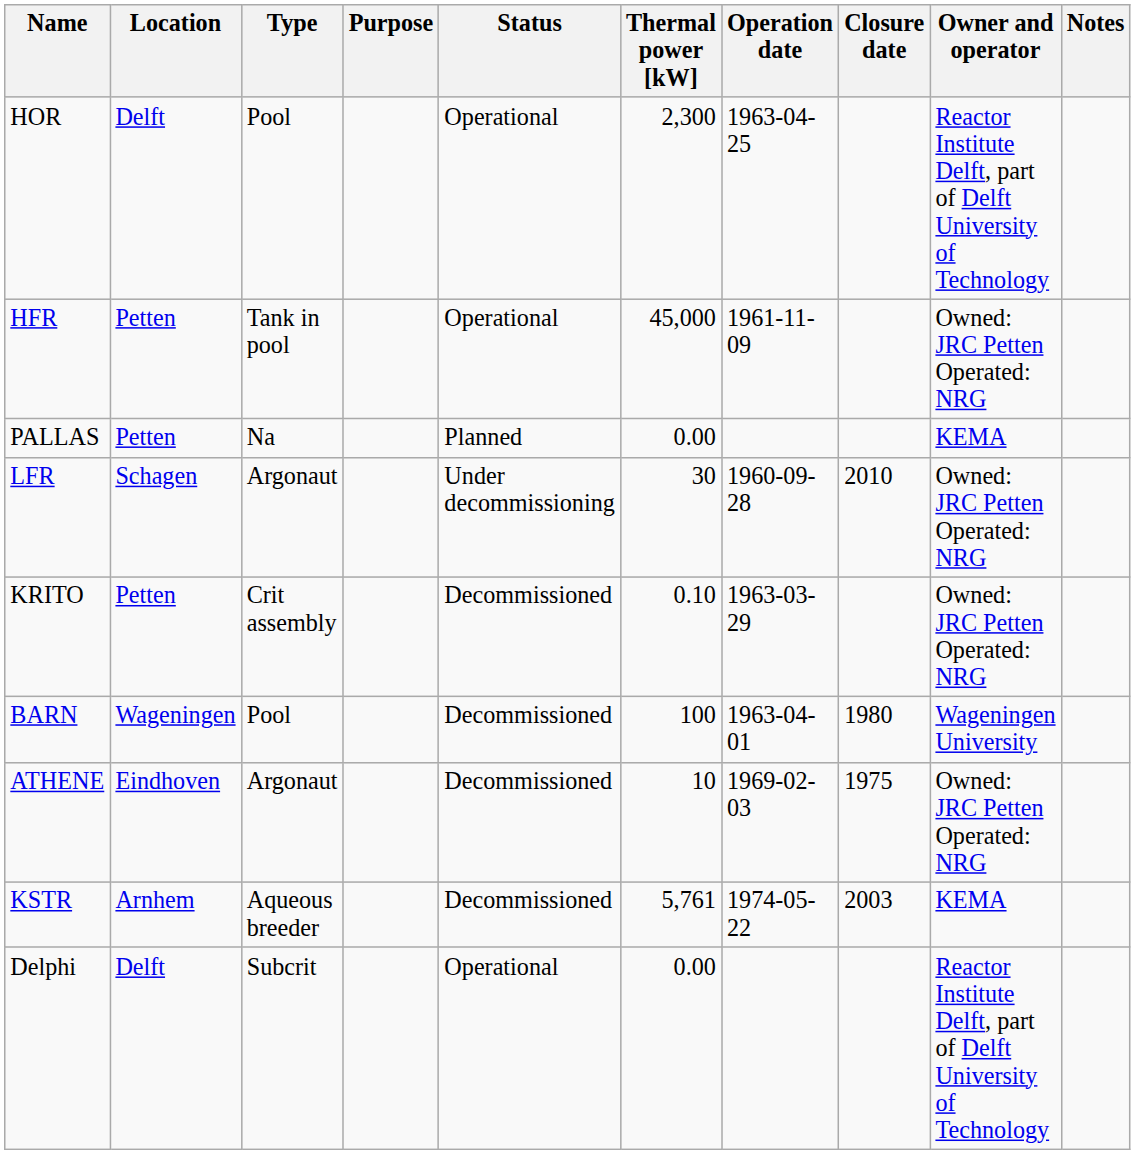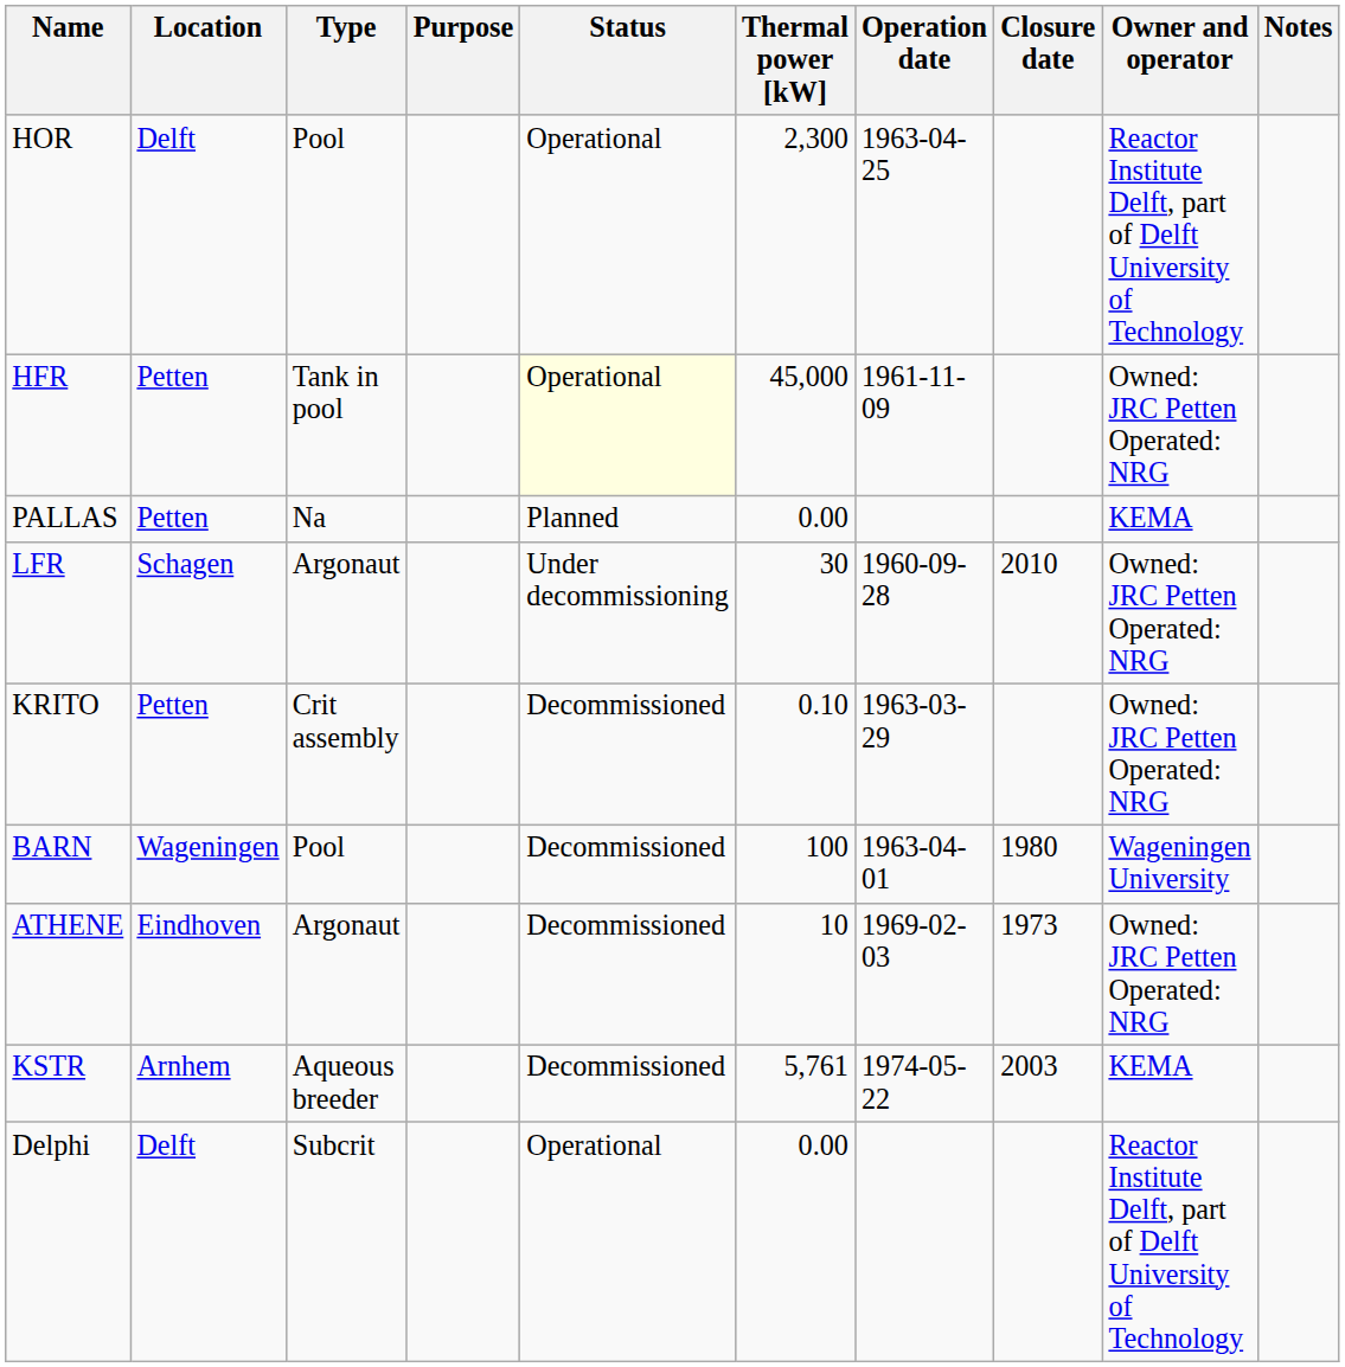 <table class="wikitable" >
 <tr valign="top">
 <th width="80">Name</th>
 <th width="65">Location</th>
 <th width="76">Type</th>
 <th width="65">Purpose</th>
 <th width="91">Status</th>
 <th width="70“">Thermal power [kW]</th>
 <th width=„67“>Operation date</th>
 <th width="78“">Closure date</th>
 <th width="113“">Owner and operator</th>
 <th width="65">Notes</th>
 </tr>
 <tr valign="top">
 <td>HOR</td>
 <td><a href='#'>Delft</a></td>
 <td>Pool</td>
 <td></td>
 <td>Operational</td>
 <td align="right">2,300</td>
 <td>1963-04-25</td>
 <td></td>
 <td><a href='#'>Reactor Institute Delft</a>, part of <a href='#'>Delft University of Technology</a></td>
 <td></td>
 </tr>
 <tr valign="top">
 <td><a href='#'>HFR</a></td>
 <td><a href='#'>Petten</a></td>
 <td>Tank in pool</td>
 <td></td>
-<td>Operational</td>
+<td style="background: lightyellow;">Operational</td>
 <td align="right">45,000</td>
 <td>1961-11-09</td>
 <td></td>
 <td>Owned: <a href='#'>JRC Petten</a> <br> Operated: <a href='#'>NRG</a></td>
 <td></td>
 </tr>
 <tr valign="top">
 <td>PALLAS</td>
 <td><a href='#'>Petten</a></td>
 <td>Na</td>
 <td></td>
 <td>Planned</td>
 <td align="right">0.00</td>
 <td> </td>
 <td></td>
 <td><a href='#'>KEMA</a></td>
 <td></td>
 </tr>
 <tr valign="top">
 <td><a href='#'>LFR</a></td>
 <td><a href='#'>Schagen</a></td>
 <td>Argonaut</td>
 <td></td>
 <td>Under decommissioning</td>
 <td align="right">30</td>
 <td>1960-09-28</td>
 <td>2010</td>
 <td>Owned: <a href='#'>JRC Petten</a> <br>  Operated: <a href='#'>NRG</a></td>
 <td></td>
 </tr>
 <tr valign="top">
 <td>KRITO</td>
 <td><a href='#'>Petten</a></td>
 <td>Crit assembly</td>
 <td></td>
 <td>Decommissioned</td>
 <td align="right">0.10</td>
 <td>1963-03-29</td>
 <td></td>
 <td>Owned: <a href='#'>JRC Petten</a> <br>  Operated: <a href='#'>NRG</a></td>
 <td></td>
 </tr>
 <tr valign="top">
 <td><a href='#'>BARN</a></td>
 <td><a href='#'>Wageningen</a></td>
 <td>Pool</td>
 <td></td>
 <td>Decommissioned</td>
 <td align="right">100</td>
 <td>1963-04-01</td>
 <td>1980</td>
 <td><a href='#'>Wageningen University</a></td>
 <td></td>
 </tr>
 <tr valign="top">
 <td><a href='#'>ATHENE</a></td>
 <td><a href='#'>Eindhoven</a></td>
 <td>Argonaut</td>
 <td></td>
 <td>Decommissioned</td>
 <td align="right">10</td>
 <td>1969-02-03</td>
-<td>1975</td>
+<td>1973</td>
 <td>Owned: <a href='#'>JRC Petten</a> <br>  Operated: <a href='#'>NRG</a></td>
 <td></td>
 </tr>
 <tr valign="top">
 <td><a href='#'>KSTR</a></td>
 <td><a href='#'>Arnhem</a></td>
 <td>Aqueous breeder</td>
 <td></td>
 <td>Decommissioned</td>
 <td align="right">5,761</td>
 <td>1974-05-22</td>
 <td>2003</td>
 <td><a href='#'>KEMA</a></td>
 <td></td>
 </tr>
 <tr valign="top">
 <td>Delphi</td>
 <td><a href='#'>Delft</a></td>
 <td>Subcrit</td>
 <td></td>
 <td>Operational</td>
 <td align="right">0.00</td>
 <td> </td>
 <td></td>
 <td><a href='#'>Reactor Institute Delft</a>, part of <a href='#'>Delft University of Technology</a></td>
 <td></td>
 </tr>
 </table>
